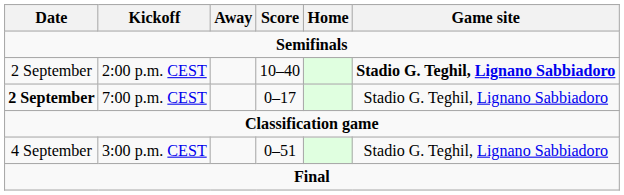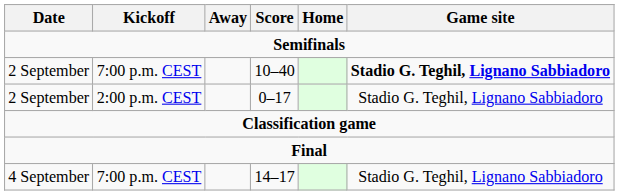 <table class="wikitable" style="text-align:center;font-size: 95%;">
 <tr>
 <th>Date</th>
 <th>Kickoff</th>
 <th>Away</th>
 <th>Score</th>
 <th>Home</th>
 <th>Game site</th>
 </tr>
 <tr>
 <td colspan="6"><strong>Semifinals</strong></td>
 </tr>
 <tr>
 <td>2 September</td>
-<td>2:00 p.m. <a href='#'>CEST</a></td>
+<td>7:00 p.m. <a href='#'>CEST</a></td>
 <td style="text-align:right;"></td>
 <td>10–40</td>
 <td style="text-align:left;background:#E0FFE0"></td>
 <td><strong>Stadio G. Teghil, <a href='#'>Lignano Sabbiadoro</a></strong></td>
 </tr>
 <tr>
-<td><strong>2 September</strong></td>
-<td>7:00 p.m. <a href='#'>CEST</a></td>
+<td>2 September</td>
+<td>2:00 p.m. <a href='#'>CEST</a></td>
 <td style="text-align:right;"></td>
 <td>0–17</td>
 <td style="text-align:left;background:#E0FFE0"></td>
 <td>Stadio G. Teghil, <a href='#'>Lignano Sabbiadoro</a></td>
 </tr>
 <tr>
 <td colspan="6"><strong>Classification game</strong></td>
 </tr>
 <tr>
+<td colspan="6"><strong>Final</strong></td>
+</tr>
+<tr>
 <td>4 September</td>
-<td>3:00 p.m. <a href='#'>CEST</a></td>
+<td>7:00 p.m. <a href='#'>CEST</a></td>
 <td style="text-align:right;"></td>
-<td>0–51</td>
+<td>14–17</td>
 <td style="text-align:left;background:#E0FFE0;"></td>
 <td>Stadio G. Teghil, <a href='#'>Lignano Sabbiadoro</a></td>
 </tr>
-<tr>
-<td colspan="6"><strong>Final</strong></td>
-</tr>
 </table>
